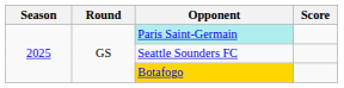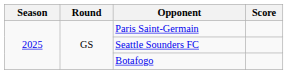 <table class="wikitable sortable" style="font-size:100%; text-align: center;">
 <tr>
 <th width="80">Season</th>
 <th width="75">Round</th>
 <th width="200">Opponent</th>
 <th width="50">Score</th>
 </tr>
 <tr>
 <td rowspan=3><a href='#'>2025</a></td>
 <td rowspan=3>GS</td>
-<td align=left style="background: paleturquoise;"> <a href='#'>Paris Saint-Germain</a></td>
+<td align=left> <a href='#'>Paris Saint-Germain</a></td>
 <td></td>
 </tr>
 <tr>
 <td align=left> <a href='#'>Seattle Sounders FC</a></td>
 <td></td>
 </tr>
 <tr>
-<td align=left style="background: gold;"> <a href='#'>Botafogo</a></td>
+<td align=left> <a href='#'>Botafogo</a></td>
 <td></td>
 </tr>
 </table>
